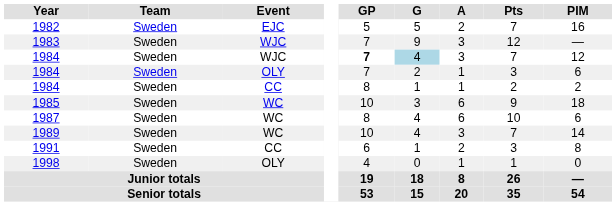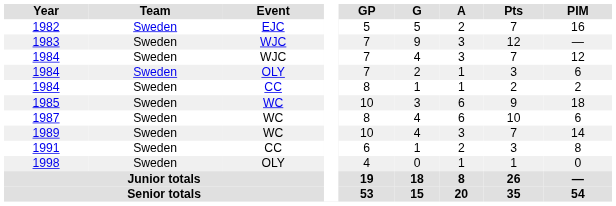 <table border="0" cellpadding="1" cellspacing="0" style="text-align:center; width:50em">
 <tr ALIGN="center" bgcolor="#e0e0e0">
 <th>Year</th>
 <th>Team</th>
 <th>Event</th>
 <th rowspan="99" bgcolor="#ffffff"> </th>
 <th>GP</th>
 <th>G</th>
 <th>A</th>
 <th>Pts</th>
 <th>PIM</th>
 </tr>
 <tr>
 <td><a href='#'>1982</a></td>
 <td><a href='#'>Sweden</a></td>
 <td><a href='#'>EJC</a></td>
 <td>5</td>
 <td>5</td>
 <td>2</td>
 <td>7</td>
 <td>16</td>
 </tr>
 <tr bgcolor="#f0f0f0">
 <td><a href='#'>1983</a></td>
 <td>Sweden</td>
 <td><a href='#'>WJC</a></td>
 <td>7</td>
 <td>9</td>
 <td>3</td>
 <td>12</td>
 <td>—</td>
 </tr>
 <tr>
 <td><a href='#'>1984</a></td>
 <td>Sweden</td>
 <td>WJC</td>
-<td><strong>7</strong></td>
-<td style="background: lightblue;">4</td>
+<td>7</td>
+<td>4</td>
 <td>3</td>
 <td>7</td>
 <td>12</td>
 </tr>
 <tr bgcolor="#f0f0f0">
 <td><a href='#'>1984</a></td>
 <td><a href='#'>Sweden</a></td>
 <td><a href='#'>OLY</a></td>
 <td>7</td>
 <td>2</td>
 <td>1</td>
 <td>3</td>
 <td>6</td>
 </tr>
 <tr>
 <td><a href='#'>1984</a></td>
 <td>Sweden</td>
 <td><a href='#'>CC</a></td>
 <td>8</td>
 <td>1</td>
 <td>1</td>
 <td>2</td>
 <td>2</td>
 </tr>
 <tr bgcolor="#f0f0f0">
 <td><a href='#'>1985</a></td>
 <td>Sweden</td>
 <td><a href='#'>WC</a></td>
 <td>10</td>
 <td>3</td>
 <td>6</td>
 <td>9</td>
 <td>18</td>
 </tr>
 <tr>
 <td><a href='#'>1987</a></td>
 <td>Sweden</td>
 <td>WC</td>
 <td>8</td>
 <td>4</td>
 <td>6</td>
 <td>10</td>
 <td>6</td>
 </tr>
 <tr bgcolor="#f0f0f0">
 <td><a href='#'>1989</a></td>
 <td>Sweden</td>
 <td>WC</td>
 <td>10</td>
 <td>4</td>
 <td>3</td>
 <td>7</td>
 <td>14</td>
 </tr>
 <tr>
 <td><a href='#'>1991</a></td>
 <td>Sweden</td>
 <td>CC</td>
 <td>6</td>
 <td>1</td>
 <td>2</td>
 <td>3</td>
 <td>8</td>
 </tr>
 <tr bgcolor="#f0f0f0">
 <td><a href='#'>1998</a></td>
 <td>Sweden</td>
 <td>OLY</td>
 <td>4</td>
 <td>0</td>
 <td>1</td>
 <td>1</td>
 <td>0</td>
 </tr>
 <tr bgcolor="#e0e0e0">
 <th colspan=3>Junior totals</th>
 <th>19</th>
 <th>18</th>
 <th>8</th>
 <th>26</th>
 <th>—</th>
 </tr>
 <tr bgcolor="#e0e0e0">
 <th colspan=3>Senior totals</th>
 <th>53</th>
 <th>15</th>
 <th>20</th>
 <th>35</th>
 <th>54</th>
 </tr>
 </table>
